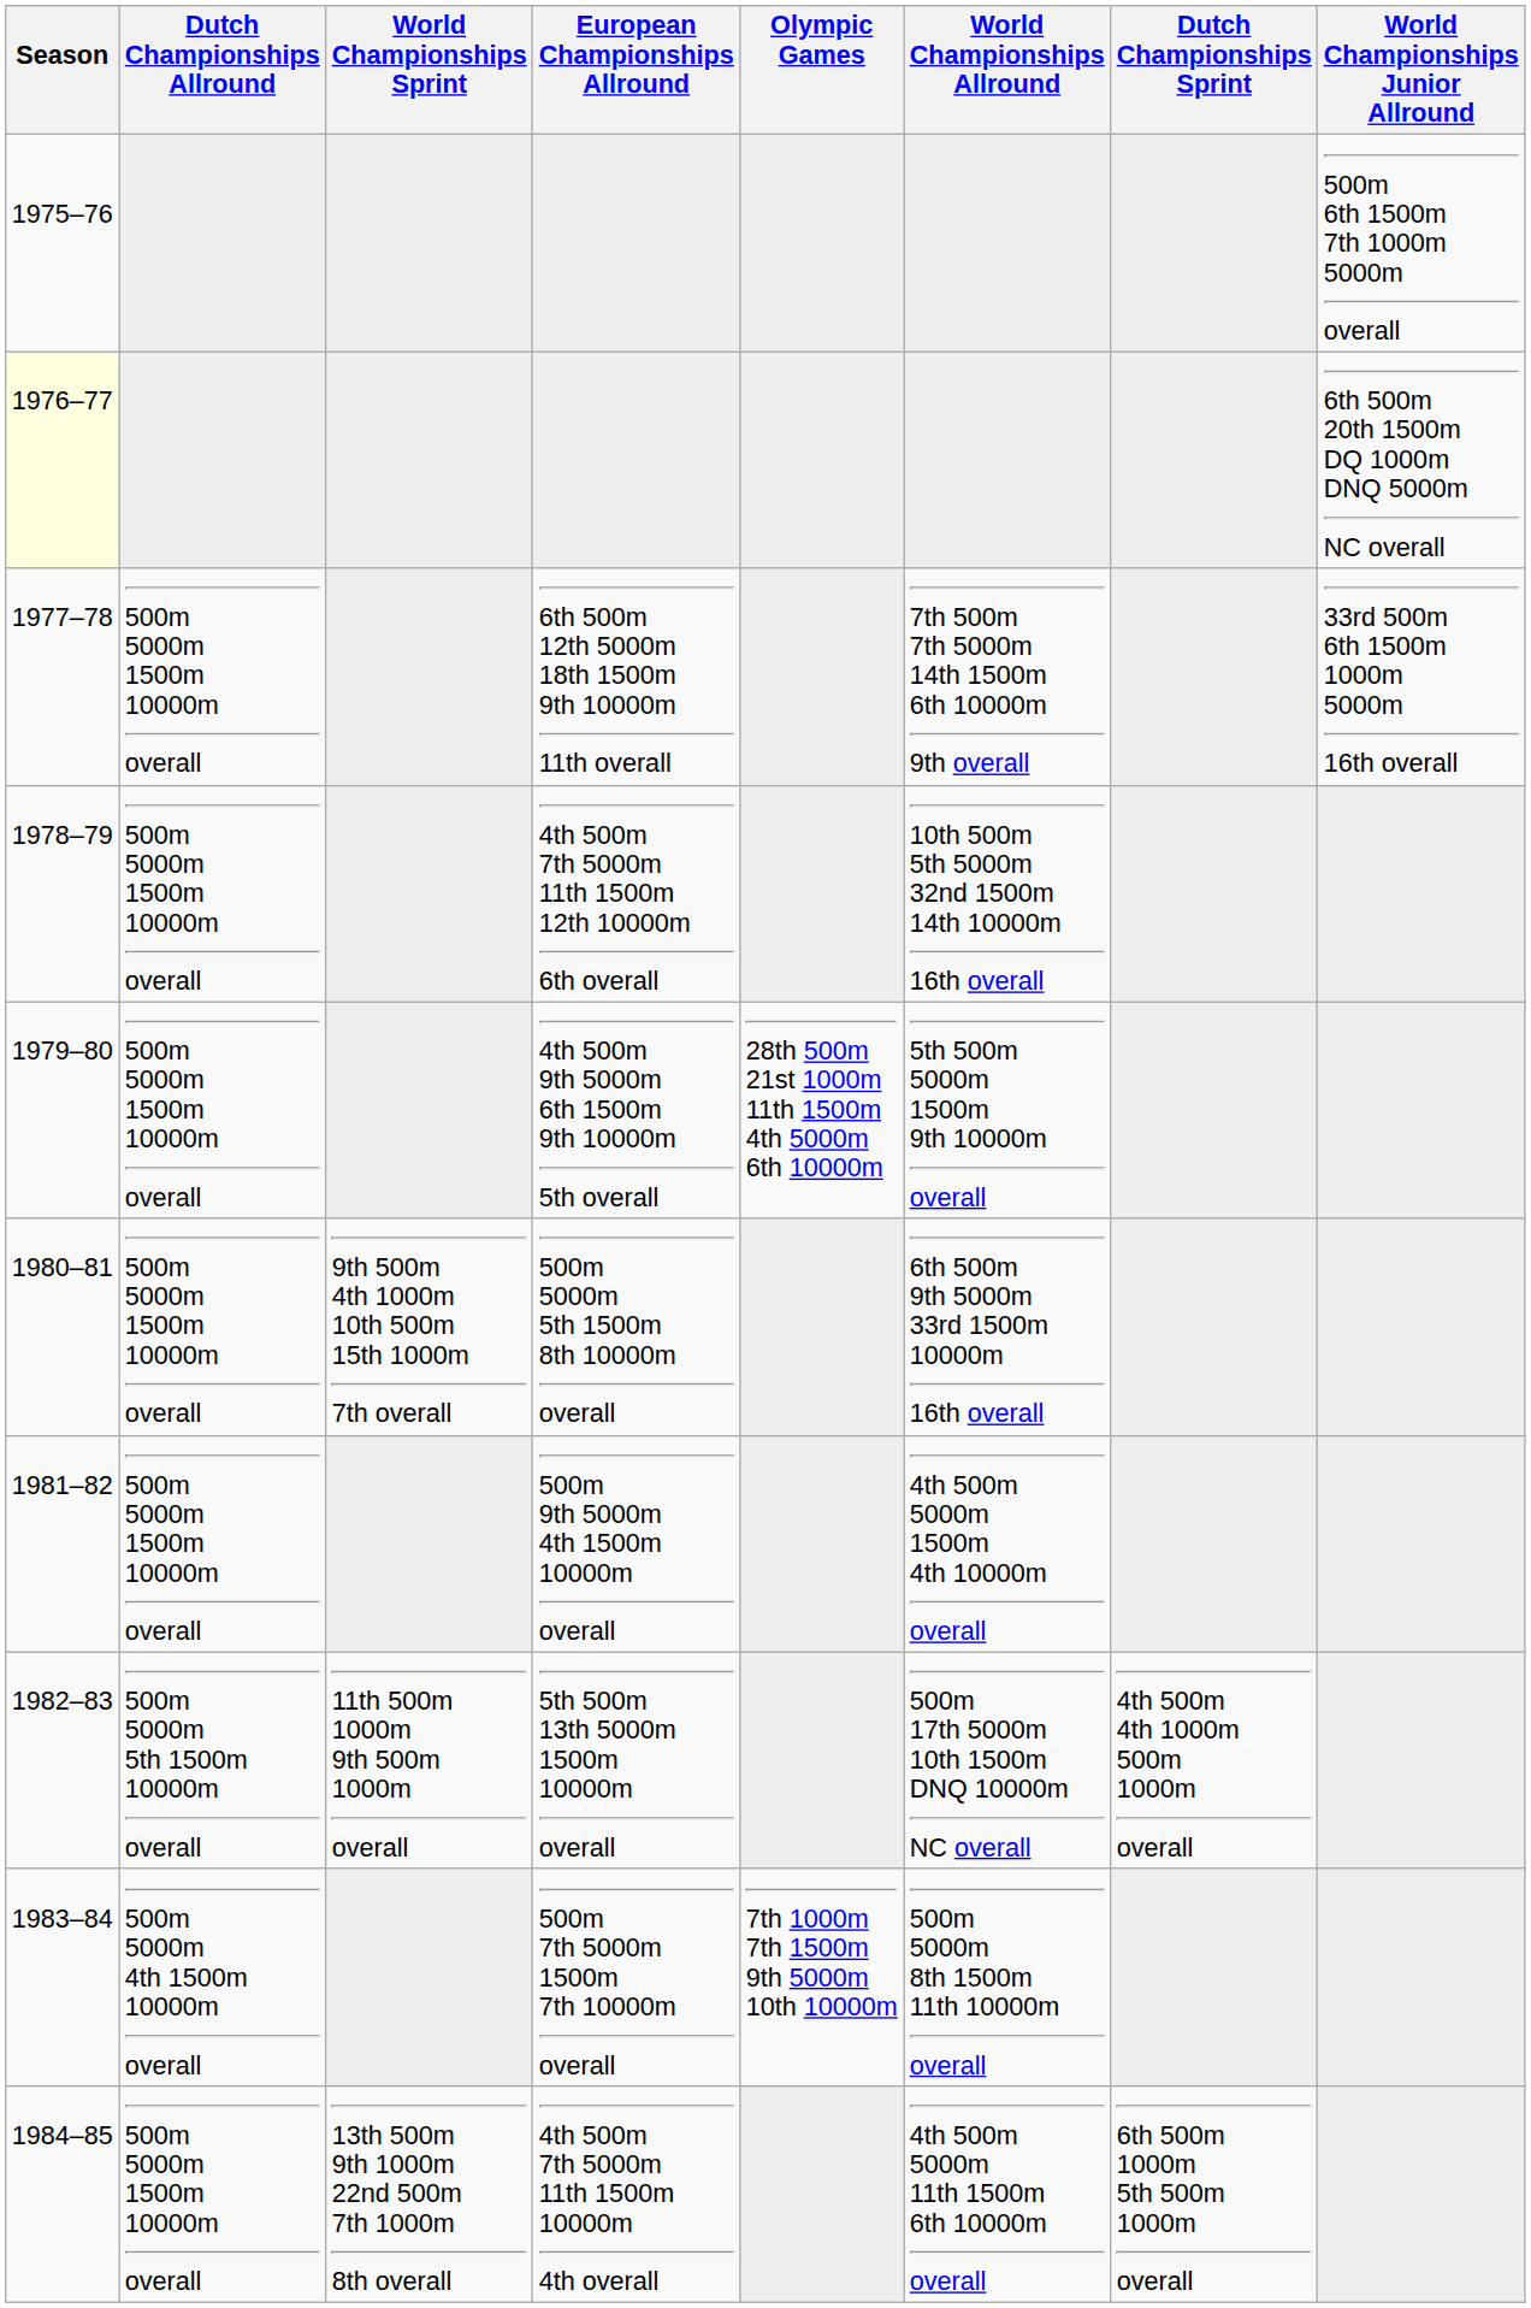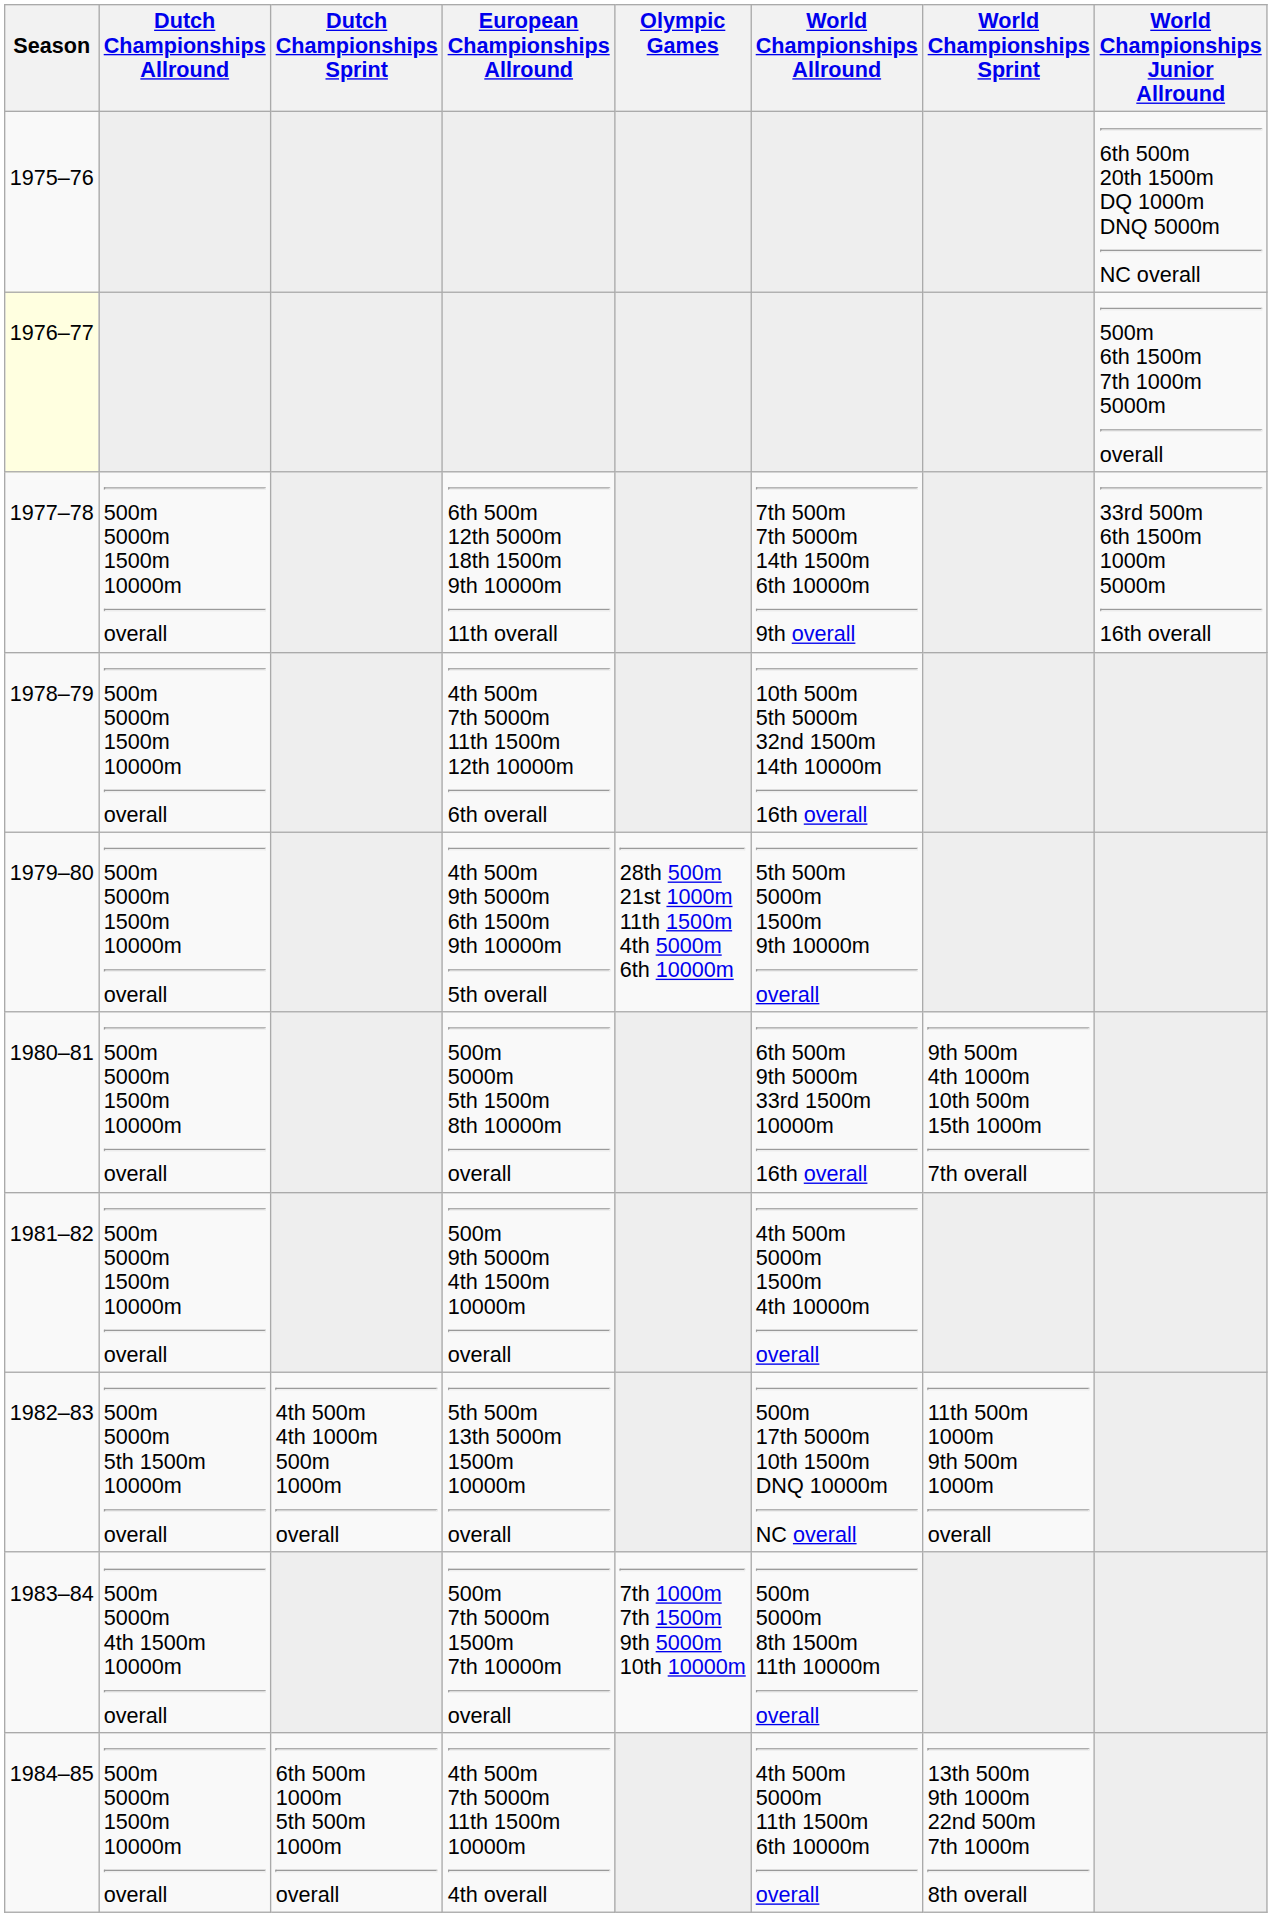 <table class="wikitable">
 <tr style="vertical-align: top;">
 <th><br> Season</th>
 <th><a href='#'>Dutch <br> Championships <br> Allround</a></th>
-<th><a href='#'>World <br> Championships <br> Sprint</a></th>
+<th><a href='#'>Dutch <br> Championships <br> Sprint</a></th>
 <th><a href='#'>European <br> Championships <br> Allround</a></th>
 <th><a href='#'>Olympic <br> Games</a></th>
 <th><a href='#'>World <br> Championships <br> Allround</a></th>
-<th><a href='#'>Dutch <br> Championships <br> Sprint</a></th>
+<th><a href='#'>World <br> Championships <br> Sprint</a></th>
 <th><a href='#'>World <br> Championships <br> Junior <br> Allround</a></th>
 </tr>
 <tr style="vertical-align: top;">
 <td><br> <br> 1975–76</td>
 <td bgcolor=#EEEEEE></td>
 <td bgcolor=#EEEEEE></td>
 <td bgcolor=#EEEEEE></td>
 <td bgcolor=#EEEEEE></td>
 <td bgcolor=#EEEEEE></td>
 <td bgcolor=#EEEEEE></td>
-<td> <hr>  500m <br> 6th 1500m <br> 7th 1000m <br>  5000m <hr>  overall</td>
+<td> <hr> 6th 500m <br> 20th 1500m <br> DQ 1000m <br> DNQ 5000m <hr> NC overall</td>
 </tr>
 <tr style="vertical-align: top;">
 <td style="background: lightyellow;"><br> 1976–77</td>
 <td bgcolor=#EEEEEE></td>
 <td bgcolor=#EEEEEE></td>
 <td bgcolor=#EEEEEE></td>
 <td bgcolor=#EEEEEE></td>
 <td bgcolor=#EEEEEE></td>
 <td bgcolor=#EEEEEE></td>
-<td> <hr> 6th 500m <br> 20th 1500m <br> DQ 1000m <br> DNQ 5000m <hr> NC overall</td>
+<td> <hr>  500m <br> 6th 1500m <br> 7th 1000m <br>  5000m <hr>  overall</td>
 </tr>
 <tr style="vertical-align: top;">
 <td><br> 1977–78</td>
 <td> <hr>  500m <br>  5000m <br>  1500m <br>  10000m <hr>  overall</td>
 <td bgcolor=#EEEEEE></td>
 <td> <hr> 6th 500m <br> 12th 5000m <br> 18th 1500m <br> 9th 10000m <hr> 11th overall</td>
 <td bgcolor=#EEEEEE></td>
 <td> <hr> 7th 500m <br> 7th 5000m <br> 14th 1500m <br> 6th 10000m <hr> 9th <a href='#'>overall</a></td>
 <td bgcolor=#EEEEEE></td>
 <td> <hr> 33rd 500m <br> 6th 1500m <br>  1000m <br>  5000m <hr> 16th overall</td>
 </tr>
 <tr style="vertical-align: top;">
 <td><br> 1978–79</td>
 <td> <hr>  500m <br>  5000m <br>  1500m <br>  10000m <hr>  overall</td>
 <td bgcolor=#EEEEEE></td>
 <td> <hr> 4th 500m <br> 7th 5000m <br> 11th 1500m <br> 12th 10000m <hr> 6th overall</td>
 <td bgcolor=#EEEEEE></td>
 <td> <hr> 10th 500m <br> 5th 5000m <br> 32nd 1500m <br> 14th 10000m <hr> 16th <a href='#'>overall</a></td>
 <td bgcolor=#EEEEEE></td>
 <td bgcolor=#EEEEEE></td>
 </tr>
 <tr style="vertical-align: top;">
 <td><br> 1979–80</td>
 <td> <hr>  500m <br>  5000m <br>  1500m <br>  10000m <hr>  overall</td>
 <td bgcolor=#EEEEEE></td>
 <td> <hr> 4th 500m <br> 9th 5000m <br> 6th 1500m <br> 9th 10000m <hr> 5th overall</td>
 <td> <hr> 28th <a href='#'>500m</a> <br> 21st <a href='#'>1000m</a> <br> 11th <a href='#'>1500m</a> <br> 4th <a href='#'>5000m</a> <br> 6th <a href='#'>10000m</a></td>
 <td> <hr> 5th 500m <br>  5000m <br>  1500m <br> 9th 10000m <hr>  <a href='#'>overall</a></td>
 <td bgcolor=#EEEEEE></td>
 <td bgcolor=#EEEEEE></td>
 </tr>
 <tr style="vertical-align: top;">
 <td><br> 1980–81</td>
 <td> <hr>  500m <br>  5000m <br>  1500m <br>  10000m <hr>  overall</td>
-<td> <hr> 9th 500m <br> 4th 1000m <br> 10th 500m <br> 15th 1000m <hr> 7th overall</td>
+<td bgcolor=#EEEEEE></td>
 <td> <hr>  500m <br>  5000m <br> 5th 1500m <br> 8th 10000m <hr>  overall</td>
 <td bgcolor=#EEEEEE></td>
 <td> <hr> 6th 500m <br> 9th 5000m <br> 33rd 1500m <br>  10000m <hr> 16th <a href='#'>overall</a></td>
-<td bgcolor=#EEEEEE></td>
+<td> <hr> 9th 500m <br> 4th 1000m <br> 10th 500m <br> 15th 1000m <hr> 7th overall</td>
 <td bgcolor=#EEEEEE></td>
 </tr>
 <tr style="vertical-align: top;">
 <td><br> 1981–82</td>
 <td> <hr>  500m <br>  5000m <br>  1500m <br>  10000m <hr>  overall</td>
 <td bgcolor=#EEEEEE></td>
 <td> <hr>  500m <br> 9th 5000m <br> 4th 1500m <br>  10000m <hr>  overall</td>
 <td bgcolor=#EEEEEE></td>
 <td> <hr> 4th 500m <br>  5000m <br>  1500m <br> 4th 10000m <hr>  <a href='#'>overall</a></td>
 <td bgcolor=#EEEEEE></td>
 <td bgcolor=#EEEEEE></td>
 </tr>
 <tr style="vertical-align: top;">
 <td><br> 1982–83</td>
 <td> <hr>  500m <br>  5000m <br> 5th 1500m <br>  10000m <hr>  overall</td>
-<td> <hr> 11th 500m <br>  1000m <br> 9th 500m <br>  1000m <hr>  overall</td>
+<td> <hr> 4th 500m <br> 4th 1000m <br>  500m <br>  1000m <hr>  overall</td>
 <td> <hr> 5th 500m <br> 13th 5000m <br>  1500m <br>  10000m <hr>  overall</td>
 <td bgcolor=#EEEEEE></td>
 <td> <hr>  500m <br> 17th 5000m <br> 10th 1500m <br> DNQ 10000m <hr> NC <a href='#'>overall</a></td>
-<td> <hr> 4th 500m <br> 4th 1000m <br>  500m <br>  1000m <hr>  overall</td>
+<td> <hr> 11th 500m <br>  1000m <br> 9th 500m <br>  1000m <hr>  overall</td>
 <td bgcolor=#EEEEEE></td>
 </tr>
 <tr style="vertical-align: top;">
 <td><br> 1983–84</td>
 <td> <hr>  500m <br>  5000m <br> 4th 1500m <br>  10000m <hr>  overall</td>
 <td bgcolor=#EEEEEE></td>
 <td> <hr>  500m <br> 7th 5000m <br>  1500m <br> 7th 10000m <hr>  overall</td>
 <td> <hr> 7th <a href='#'>1000m</a> <br> 7th <a href='#'>1500m</a> <br> 9th <a href='#'>5000m</a> <br> 10th <a href='#'>10000m</a></td>
 <td> <hr>  500m <br>  5000m <br> 8th 1500m <br> 11th 10000m <hr>  <a href='#'>overall</a></td>
 <td bgcolor=#EEEEEE></td>
 <td bgcolor=#EEEEEE></td>
 </tr>
 <tr style="vertical-align: top;">
 <td><br> 1984–85</td>
 <td> <hr>  500m <br>  5000m <br>  1500m <br>  10000m <hr>  overall</td>
-<td> <hr> 13th 500m <br> 9th 1000m <br> 22nd 500m <br> 7th 1000m <hr> 8th overall</td>
+<td> <hr> 6th 500m <br>  1000m <br> 5th 500m <br>  1000m <hr>  overall</td>
 <td> <hr> 4th 500m <br> 7th 5000m <br> 11th 1500m <br>  10000m <hr> 4th overall</td>
 <td bgcolor=#EEEEEE></td>
 <td> <hr> 4th 500m <br>  5000m <br> 11th 1500m <br> 6th 10000m <hr>  <a href='#'>overall</a></td>
-<td> <hr> 6th 500m <br>  1000m <br> 5th 500m <br>  1000m <hr>  overall</td>
+<td> <hr> 13th 500m <br> 9th 1000m <br> 22nd 500m <br> 7th 1000m <hr> 8th overall</td>
 <td bgcolor=#EEEEEE></td>
 </tr>
 </table>
